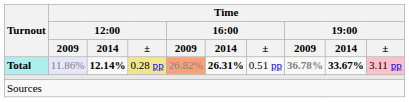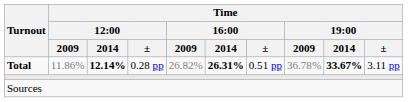 <table class="wikitable sortable" style="text-align:right;">
 <tr>
 <th rowspan="3">Turnout</th>
 <th colspan="9">Time</th>
 </tr>
 <tr>
 <th colspan="3">12:00</th>
 <th colspan="3">16:00</th>
 <th colspan="3">19:00</th>
 </tr>
 <tr>
 <th>2009</th>
 <th>2014</th>
 <th>±</th>
 <th>2009</th>
 <th>2014</th>
 <th>±</th>
 <th>2009</th>
 <th>2014</th>
 <th>±</th>
 </tr>
 <tr>
-<td align="left" style="background: paleturquoise;"><strong>Total</strong></td>
-<td style="background: lavender; color:gray;">11.86%</td>
+<td align="left"><strong>Total</strong></td>
+<td style="color:gray;">11.86%</td>
 <td><strong>12.14%</strong></td>
-<td style="background: khaki;"> 0.28 <a href='#'>pp</a></td>
-<td style="background: lightsalmon; color:gray;">26.82%</td>
+<td> 0.28 <a href='#'>pp</a></td>
+<td style="color:gray;">26.82%</td>
 <td><strong>26.31%</strong></td>
 <td> 0.51 <a href='#'>pp</a></td>
-<td style="color:gray;"><strong>36.78%</strong></td>
+<td style="color:gray;">36.78%</td>
 <td><strong>33.67%</strong></td>
-<td style="background: pink;"> 3.11 <a href='#'>pp</a></td>
+<td> 3.11 <a href='#'>pp</a></td>
 </tr>
 <tr>
 <td colspan="10" bgcolor="#E9E9E9"></td>
 </tr>
 <tr>
 <td align="left" colspan="10">Sources</td>
 </tr>
 </table>
